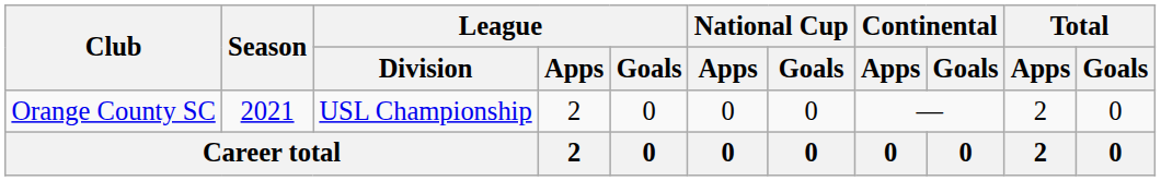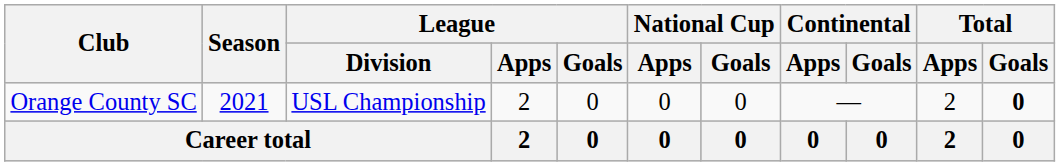 <table class=wikitable style=text-align:center>
 <tr>
 <th rowspan=2>Club</th>
 <th rowspan=2>Season</th>
 <th colspan=3>League</th>
 <th colspan=2>National Cup</th>
 <th colspan=2>Continental</th>
 <th colspan=2>Total</th>
 </tr>
 <tr>
 <th>Division</th>
 <th>Apps</th>
 <th>Goals</th>
 <th>Apps</th>
 <th>Goals</th>
 <th>Apps</th>
 <th>Goals</th>
 <th>Apps</th>
 <th>Goals</th>
 </tr>
 <tr>
 <td rowspan=1><a href='#'>Orange County SC</a></td>
 <td><a href='#'>2021</a></td>
 <td><a href='#'>USL Championship</a></td>
 <td>2</td>
 <td>0</td>
 <td>0</td>
 <td>0</td>
 <td colspan=2>—</td>
 <td>2</td>
-<td>0</td>
+<td><strong>0</strong></td>
 </tr>
 <tr>
 <th colspan=3>Career total</th>
 <th>2</th>
 <th>0</th>
 <th>0</th>
 <th>0</th>
 <th>0</th>
 <th>0</th>
 <th>2</th>
 <th>0</th>
 </tr>
 </table>
